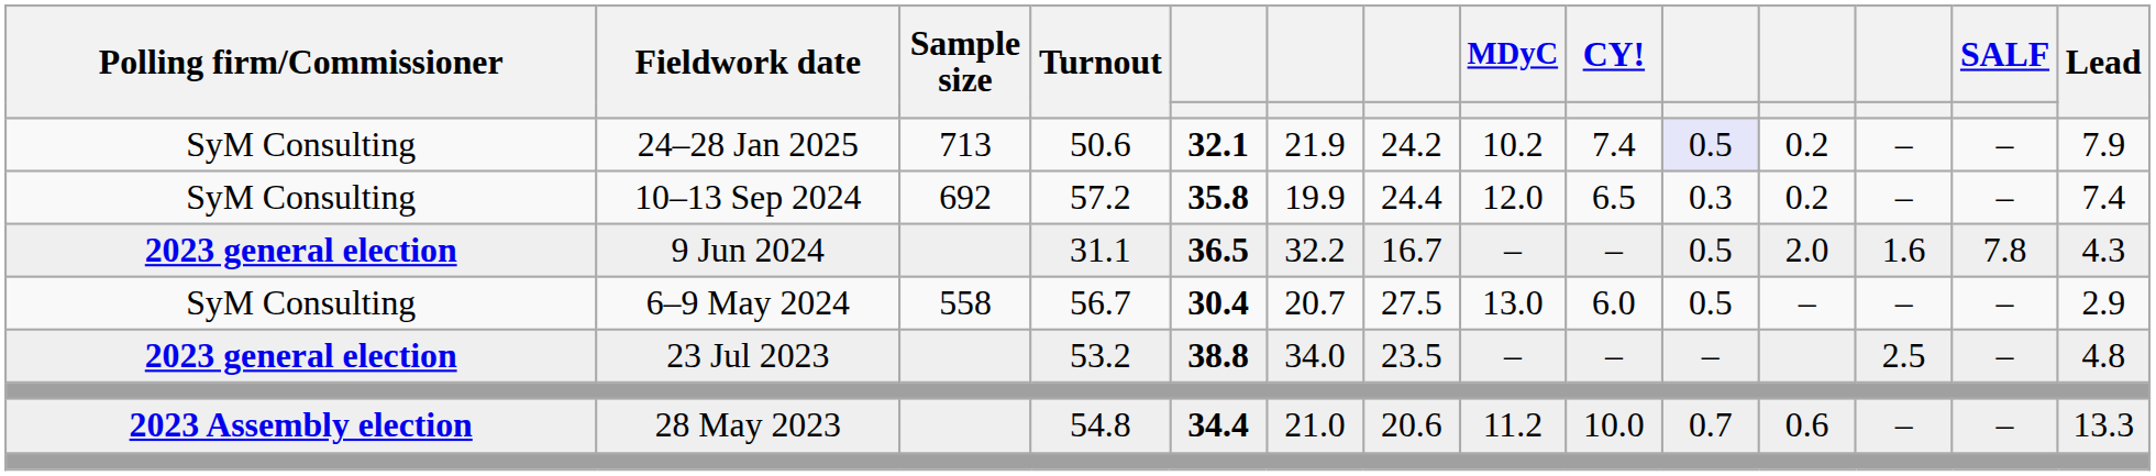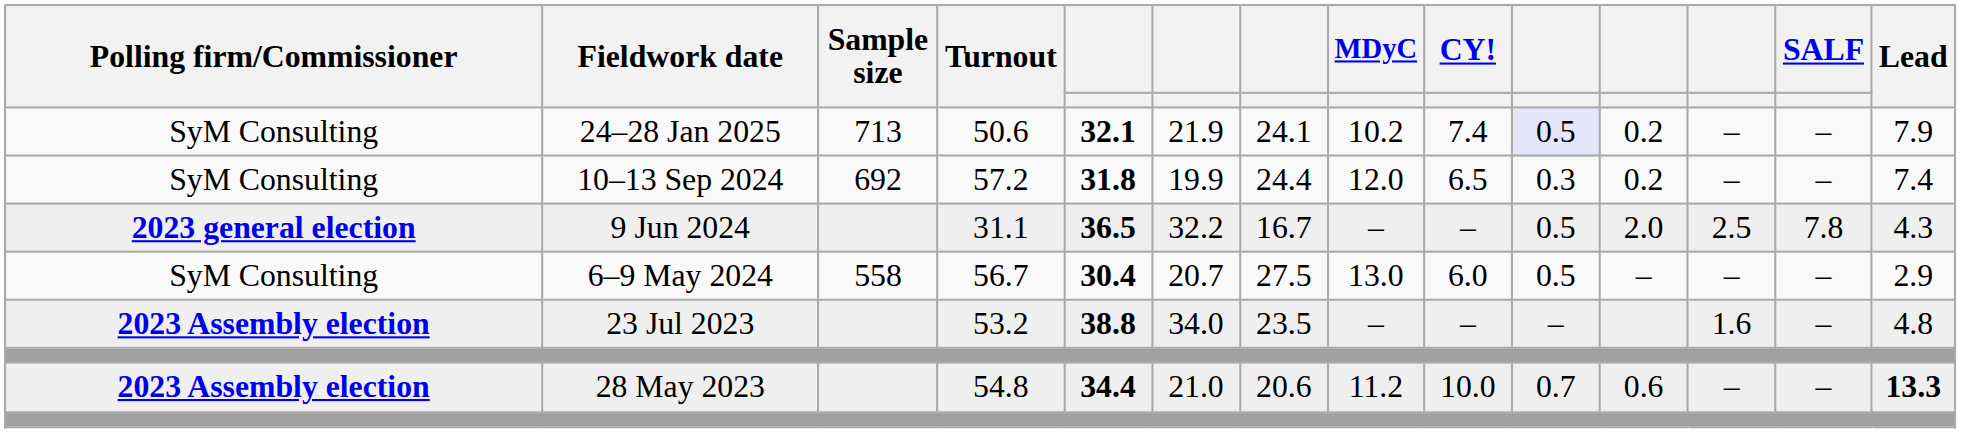 <table class="wikitable collapsible" style="text-align:center; font-size:95%; line-height:16px;">
 <tr style="height:42px;">
 <th style="width:250px;" rowspan="2">Polling firm/Commissioner</th>
 <th style="width:125px;" rowspan="2">Fieldwork date</th>
 <th style="width:50px;" rowspan="2">Sample size</th>
 <th style="width:45px;" rowspan="2">Turnout</th>
 <th style="width:35px;"></th>
 <th style="width:35px;"></th>
 <th style="width:35px;"></th>
 <th style="width:35px; font-size:90%;"><a href='#'>MDyC</a></th>
 <th style="width:35px;"><a href='#'>CY!</a></th>
 <th style="width:35px;"></th>
 <th style="width:35px;"></th>
 <th style="width:35px;"></th>
 <th style="width:35px;"><a href='#'>SALF</a></th>
 <th style="width:30px;" rowspan="2">Lead</th>
 </tr>
 <tr>
 <th style="color:inherit;background:"></th>
 <th style="color:inherit;background:"></th>
 <th style="color:inherit;background:"></th>
 <th style="color:inherit;background:"></th>
 <th style="color:inherit;background:"></th>
 <th style="color:inherit;background:"></th>
 <th style="color:inherit;background:"></th>
 <th style="color:inherit;background:"></th>
 <th style="color:inherit;background:"></th>
 </tr>
 <tr>
 <td>SyM Consulting</td>
 <td>24–28 Jan 2025</td>
 <td>713</td>
 <td>50.6</td>
 <td><strong>32.1</strong><br></td>
 <td>21.9<br></td>
-<td>24.2<br></td>
+<td>24.1<br></td>
 <td>10.2<br></td>
 <td>7.4<br></td>
 <td style="background: lavender;">0.5<br></td>
 <td>0.2<br></td>
 <td>–</td>
 <td>–</td>
 <td style="background:">7.9</td>
 </tr>
 <tr>
 <td>SyM Consulting</td>
 <td>10–13 Sep 2024</td>
 <td>692</td>
 <td>57.2</td>
-<td><strong>35.8</strong><br></td>
+<td><strong>31.8</strong><br></td>
 <td>19.9<br></td>
 <td>24.4<br></td>
 <td>12.0<br></td>
 <td>6.5<br></td>
 <td>0.3<br></td>
 <td>0.2<br></td>
 <td>–</td>
 <td>–</td>
 <td style="background:">7.4</td>
 </tr>
 <tr style="background:#EFEFEF;">
 <td><strong><a href='#'>2023 general election</a></strong></td>
 <td>9 Jun 2024</td>
 <td></td>
 <td>31.1</td>
 <td><strong>36.5</strong><br></td>
 <td>32.2<br></td>
 <td>16.7<br></td>
 <td>–</td>
 <td>–</td>
 <td>0.5<br></td>
 <td>2.0<br></td>
-<td>1.6<br></td>
+<td>2.5<br></td>
 <td>7.8<br></td>
 <td style="background:">4.3</td>
 </tr>
 <tr>
 <td>SyM Consulting</td>
 <td>6–9 May 2024</td>
 <td>558</td>
 <td>56.7</td>
 <td><strong>30.4</strong><br></td>
 <td>20.7<br></td>
 <td>27.5<br></td>
 <td>13.0<br></td>
 <td>6.0<br></td>
 <td>0.5<br></td>
 <td>–</td>
 <td>–</td>
 <td>–</td>
 <td style="background:">2.9</td>
 </tr>
 <tr style="background:#EFEFEF;">
-<td><strong><a href='#'>2023 general election</a></strong></td>
+<td><strong><a href='#'>2023 Assembly election</a></strong></td>
 <td>23 Jul 2023</td>
 <td></td>
 <td>53.2</td>
 <td><strong>38.8</strong><br></td>
 <td>34.0<br></td>
 <td>23.5<br></td>
 <td>–</td>
 <td>–</td>
 <td>–</td>
 <td></td>
-<td>2.5<br></td>
+<td>1.6<br></td>
 <td>–</td>
 <td style="background:">4.8</td>
 </tr>
 <tr>
 <td colspan="14" style="background:#A0A0A0"></td>
 </tr>
 <tr style="background:#EFEFEF;">
 <td><strong><a href='#'>2023 Assembly election</a></strong></td>
 <td>28 May 2023</td>
 <td></td>
 <td>54.8</td>
 <td><strong>34.4</strong><br></td>
 <td>21.0<br></td>
 <td>20.6<br></td>
 <td>11.2<br></td>
 <td>10.0<br></td>
 <td>0.7<br></td>
 <td>0.6<br></td>
 <td>–</td>
 <td>–</td>
-<td style="background:">13.3</td>
+<td style="background:"><strong>13.3</strong></td>
 </tr>
 <tr>
 <td colspan="14" style="background:#A0A0A0"></td>
 </tr>
 </table>
